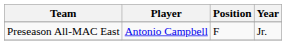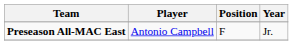 <table class="wikitable" border="1">
 <tr align=center>
 <th style= >Team</th>
 <th style= >Player</th>
 <th style= >Position</th>
 <th style= >Year</th>
 </tr>
 <tr align="center">
 </tr>
 <tr>
-<td>Preseason All-MAC East</td>
+<td><strong>Preseason All-MAC East</strong></td>
 <td><a href='#'>Antonio Campbell</a></td>
 <td>F</td>
 <td>Jr.</td>
 </tr>
 <tr>
 </tr>
 </table>
